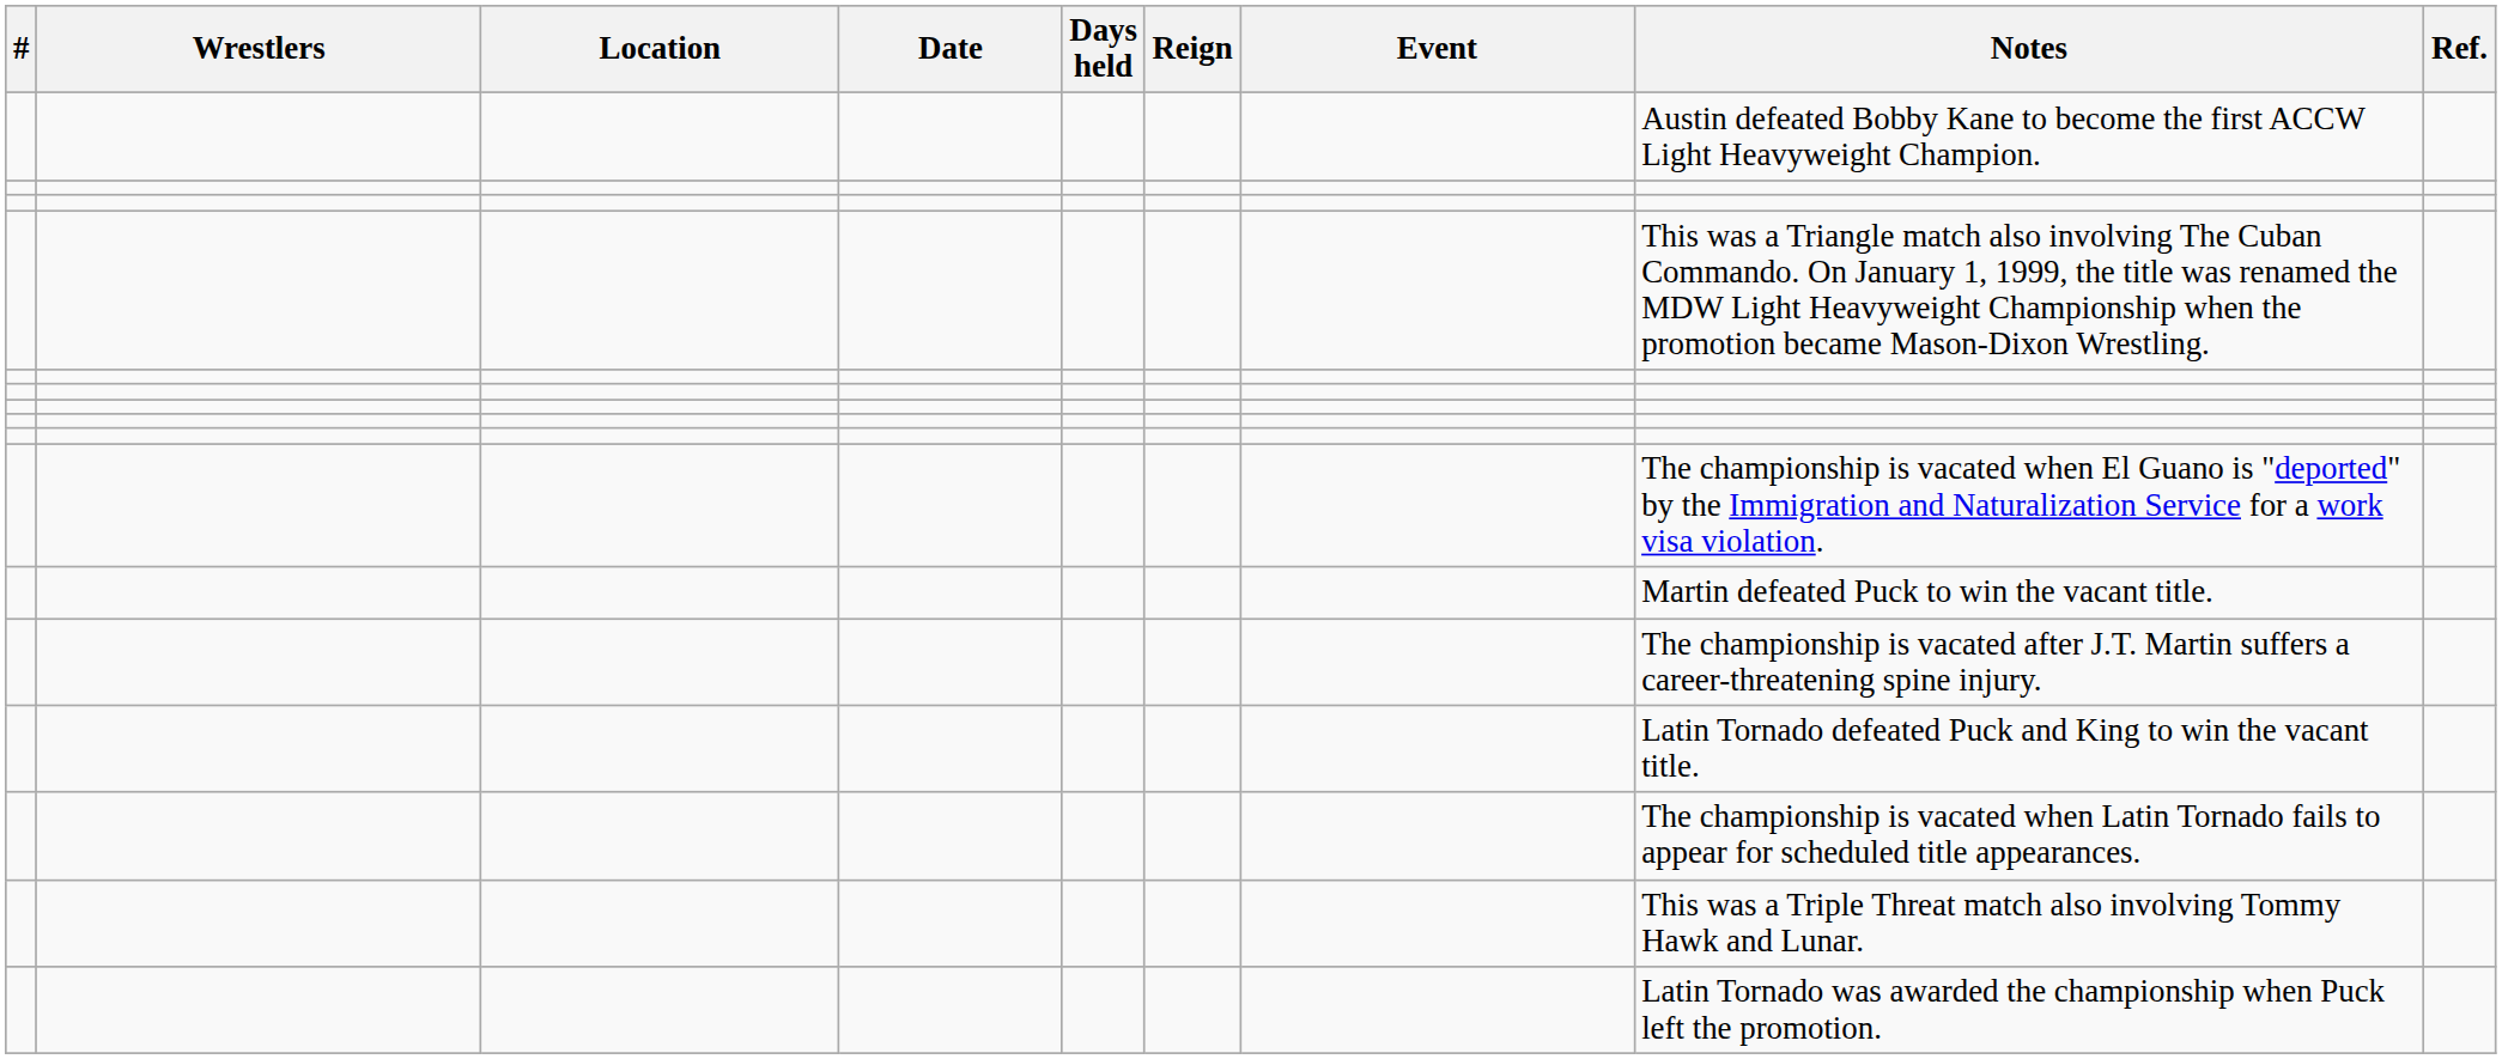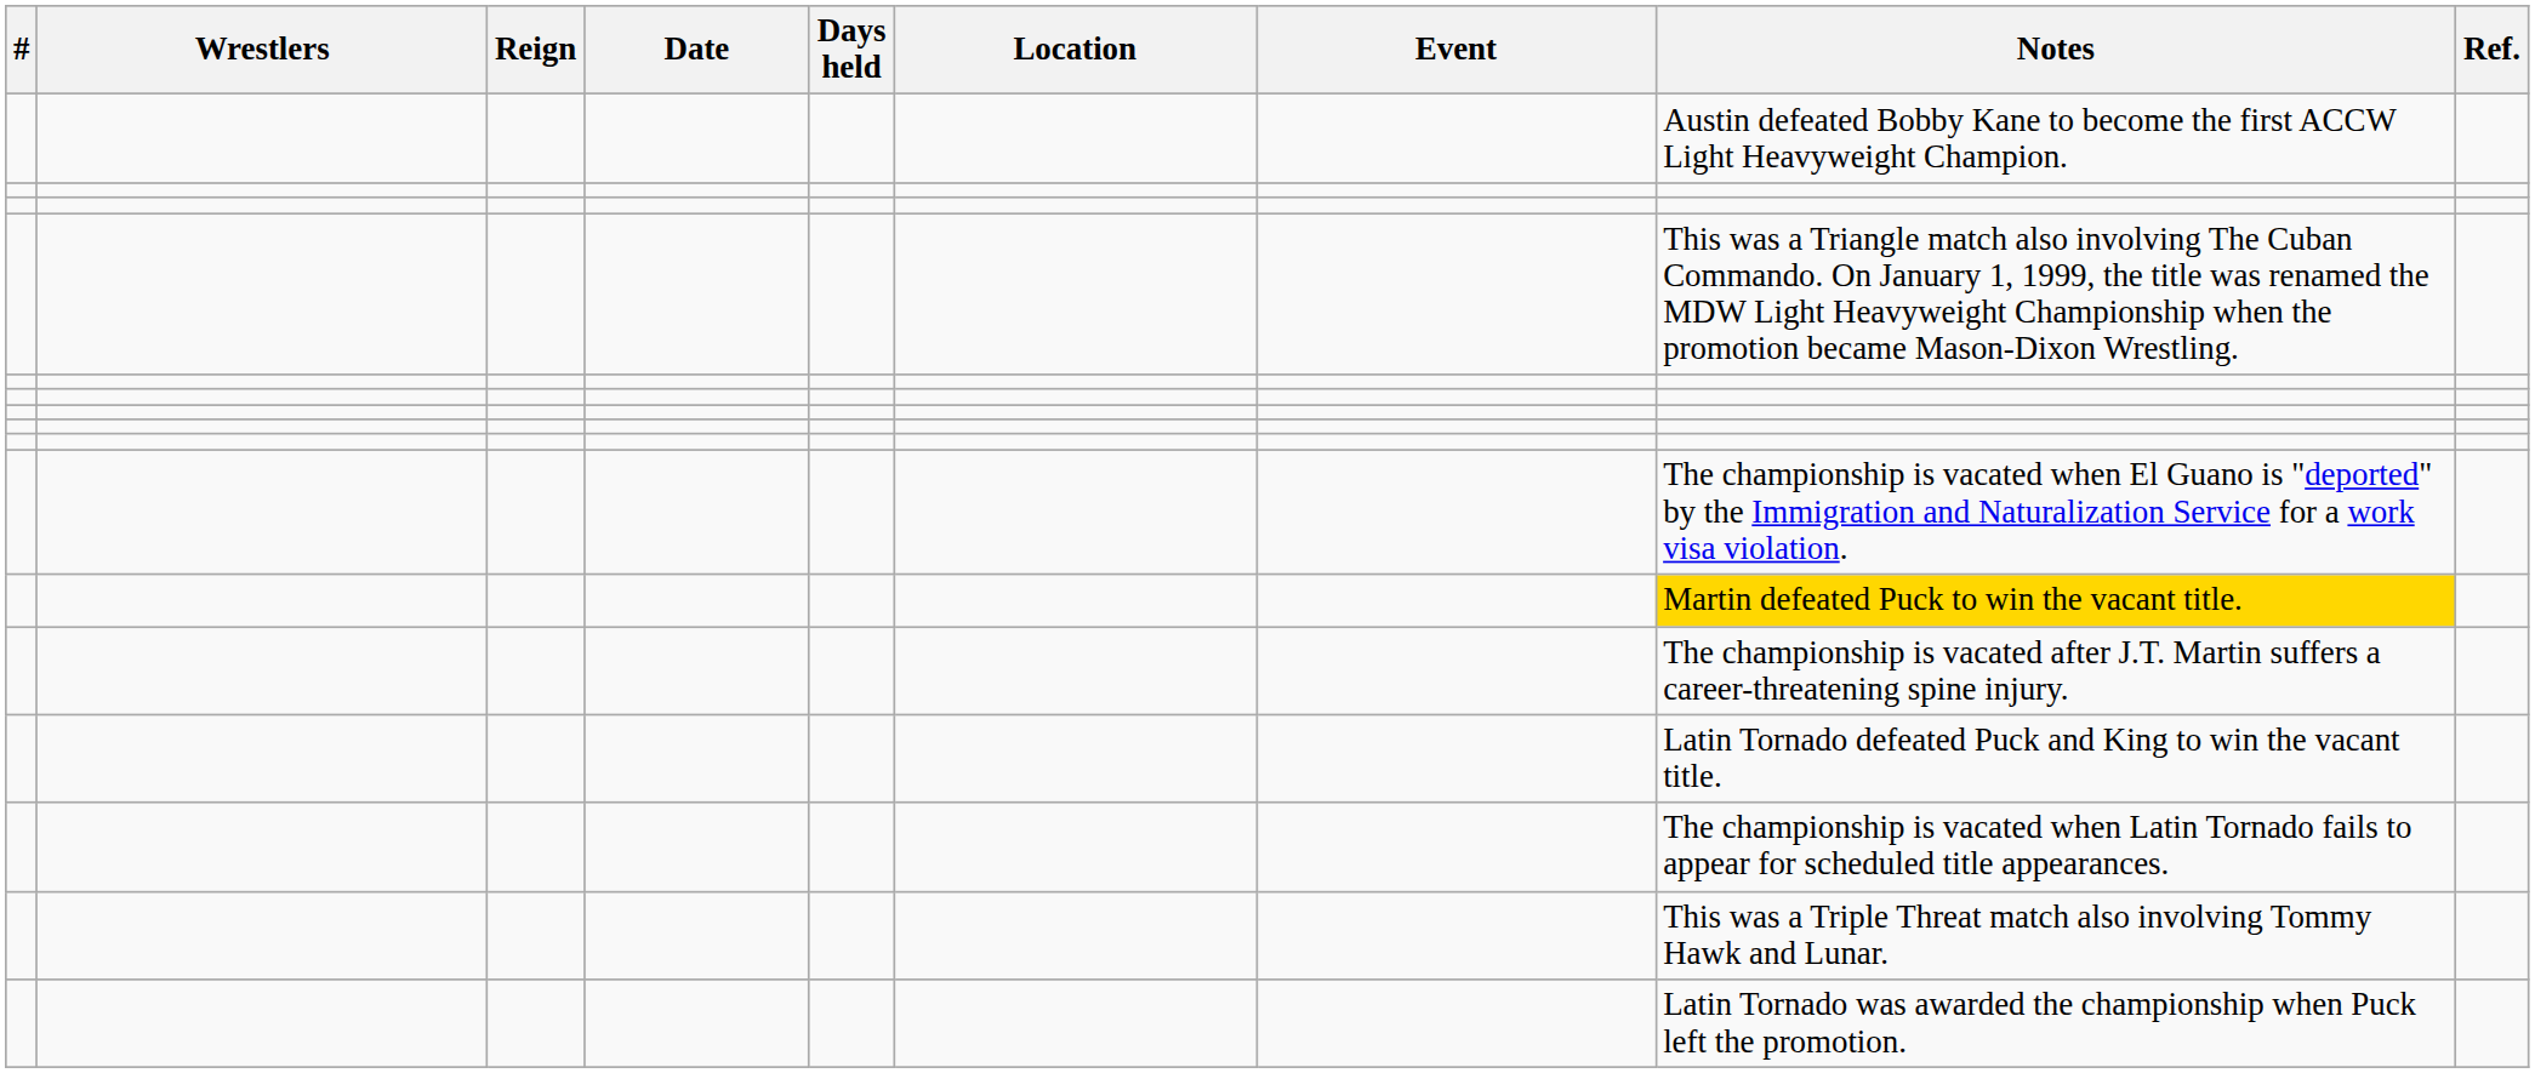 <table class="wikitable sortable" width=98% style="text-align:center;">
 <tr>
 <th width=0%>#</th>
 <th width=20%>Wrestlers</th>
-<th width=16%>Location</th>
+<th width=0%>Reign</th>
 <th width=10%>Date</th>
 <th width=0%>Days<br>held</th>
-<th width=0%>Reign</th>
+<th width=16%>Location</th>
 <th width=18%>Event</th>
 <th width=60% class="unsortable">Notes</th>
 <th width=0% class="unsortable">Ref.</th>
 </tr>
 <tr>
 <td></td>
 <td></td>
 <td></td>
 <td></td>
 <td></td>
 <td></td>
 <td></td>
 <td align="left">Austin defeated Bobby Kane to become the first ACCW Light Heavyweight Champion.</td>
 <td align="left"></td>
 </tr>
 <tr>
 <td></td>
 <td></td>
 <td></td>
 <td></td>
 <td></td>
 <td></td>
 <td></td>
 <td align="left"></td>
 <td align="left"></td>
 </tr>
 <tr>
 <td></td>
 <td></td>
 <td></td>
 <td></td>
 <td></td>
 <td></td>
 <td></td>
 <td align="left"></td>
 <td align="left"></td>
 </tr>
 <tr>
 <td></td>
 <td></td>
 <td></td>
 <td></td>
 <td></td>
 <td></td>
 <td></td>
 <td align="left">This was a Triangle match also involving The Cuban Commando. On January 1, 1999, the title was renamed the MDW Light Heavyweight Championship when the promotion became Mason-Dixon Wrestling.</td>
 <td align="left"></td>
 </tr>
 <tr>
 <td></td>
 <td></td>
 <td></td>
 <td></td>
 <td></td>
 <td></td>
 <td></td>
 <td align="left"></td>
 <td align="left"></td>
 </tr>
 <tr>
 <td></td>
 <td></td>
 <td></td>
 <td></td>
 <td></td>
 <td></td>
 <td></td>
 <td align="left"></td>
 <td align="left"></td>
 </tr>
 <tr>
 <td></td>
 <td></td>
 <td></td>
 <td></td>
 <td></td>
 <td></td>
 <td></td>
 <td align="left"></td>
 <td align="left"></td>
 </tr>
 <tr>
 <td></td>
 <td></td>
 <td></td>
 <td></td>
 <td></td>
 <td></td>
 <td></td>
 <td align="left"></td>
 <td align="left"></td>
 </tr>
 <tr>
 <td></td>
 <td></td>
 <td></td>
 <td></td>
 <td></td>
 <td></td>
 <td></td>
 <td align="left"></td>
 <td align="left"></td>
 </tr>
 <tr>
 <td></td>
 <td></td>
 <td></td>
 <td></td>
 <td></td>
 <td></td>
 <td></td>
 <td align="left">The championship is vacated when El Guano is "<a href='#'>deported</a>" by the <a href='#'>Immigration and Naturalization Service</a> for a <a href='#'>work visa violation</a>.</td>
 <td align="left"></td>
 </tr>
 <tr>
 <td></td>
 <td></td>
 <td></td>
 <td></td>
 <td></td>
 <td></td>
 <td></td>
-<td align="left">Martin defeated Puck to win the vacant title.</td>
+<td align="left" style="background: gold;">Martin defeated Puck to win the vacant title.</td>
 <td align="left"></td>
 </tr>
 <tr>
 <td></td>
 <td></td>
 <td></td>
 <td></td>
 <td></td>
 <td></td>
 <td></td>
 <td align="left">The championship is vacated after J.T. Martin suffers a career-threatening spine injury.</td>
 <td align="left"></td>
 </tr>
 <tr>
 <td></td>
 <td></td>
 <td></td>
 <td></td>
 <td></td>
 <td></td>
 <td></td>
 <td align="left">Latin Tornado defeated Puck and King to win the vacant title.</td>
 <td align="left"></td>
 </tr>
 <tr>
 <td></td>
 <td></td>
 <td></td>
 <td></td>
 <td></td>
 <td></td>
 <td></td>
 <td align="left">The championship is vacated when Latin Tornado fails to appear for scheduled title appearances.</td>
 <td align="left"></td>
 </tr>
 <tr>
 <td></td>
 <td></td>
 <td></td>
 <td></td>
 <td></td>
 <td></td>
 <td></td>
 <td align="left">This was a Triple Threat match also involving Tommy Hawk and Lunar.</td>
 <td align="left"></td>
 </tr>
 <tr>
 <td></td>
 <td></td>
 <td></td>
 <td></td>
 <td></td>
 <td></td>
 <td></td>
 <td align="left">Latin Tornado was awarded the championship when Puck left the promotion.</td>
 <td align="left"></td>
 </tr>
 </table>
